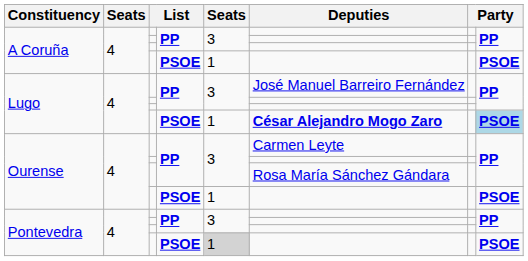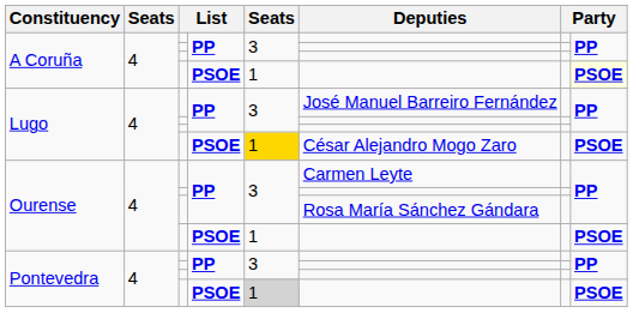 <table class="wikitable sortable">
 <tr>
 <th>Constituency</th>
 <th>Seats</th>
 <th colspan="2">List</th>
 <th>Seats</th>
 <th>Deputies</th>
 <th colspan="2">Party</th>
 </tr>
 <tr>
 <td rowspan="4"><a href='#'>A Coruña</a></td>
 <td rowspan="4">4</td>
 <td></td>
 <td rowspan="3"><strong><a href='#'>PP</a></strong></td>
 <td rowspan="3">3</td>
 <td></td>
 <td></td>
 <td rowspan="3"><strong><a href='#'>PP</a></strong></td>
 </tr>
 <tr>
 <td></td>
 <td></td>
 <td></td>
 </tr>
 <tr>
 <td></td>
 <td></td>
 <td></td>
 </tr>
 <tr>
 <td width="1"></td>
 <td><strong><a href='#'>PSOE</a></strong></td>
 <td>1</td>
 <td></td>
 <td width="1"></td>
-<td><strong><a href='#'>PSOE</a></strong></td>
+<td style="background: lightyellow;"><strong><a href='#'>PSOE</a></strong></td>
 </tr>
 <tr>
 <td rowspan="4"><a href='#'>Lugo</a></td>
 <td rowspan="4">4</td>
 <td></td>
 <td rowspan="3"><strong><a href='#'>PP</a></strong></td>
 <td rowspan="3">3</td>
 <td><a href='#'>José Manuel Barreiro Fernández</a></td>
 <td></td>
 <td rowspan="3"><strong><a href='#'>PP</a></strong></td>
 </tr>
 <tr>
 <td></td>
 <td></td>
 <td></td>
 </tr>
 <tr>
 <td></td>
 <td></td>
 <td></td>
 </tr>
 <tr>
 <td width="1"></td>
 <td><strong><a href='#'>PSOE</a></strong></td>
-<td>1</td>
-<td><strong><a href='#'>César Alejandro Mogo Zaro</a></strong></td>
+<td style="background: gold;">1</td>
+<td><a href='#'>César Alejandro Mogo Zaro</a></td>
 <td width="1"></td>
-<td style="background: lightblue;"><strong><a href='#'>PSOE</a></strong></td>
+<td><strong><a href='#'>PSOE</a></strong></td>
 </tr>
 <tr>
 <td rowspan="4"><a href='#'>Ourense</a></td>
 <td rowspan="4">4</td>
 <td></td>
 <td rowspan="3"><strong><a href='#'>PP</a></strong></td>
 <td rowspan="3">3</td>
 <td><a href='#'>Carmen Leyte</a></td>
 <td></td>
 <td rowspan="3"><strong><a href='#'>PP</a></strong></td>
 </tr>
 <tr>
 <td></td>
 <td></td>
 <td></td>
 </tr>
 <tr>
 <td></td>
 <td><a href='#'>Rosa María Sánchez Gándara</a></td>
 <td></td>
 </tr>
 <tr>
 <td width="1"></td>
 <td><strong><a href='#'>PSOE</a></strong></td>
 <td>1</td>
 <td></td>
 <td width="1"></td>
 <td><strong><a href='#'>PSOE</a></strong></td>
 </tr>
 <tr>
 <td rowspan="4"><a href='#'>Pontevedra</a></td>
 <td rowspan="4">4</td>
 <td></td>
 <td rowspan="3"><strong><a href='#'>PP</a></strong></td>
 <td rowspan="3">3</td>
 <td></td>
 <td></td>
 <td rowspan="3"><strong><a href='#'>PP</a></strong></td>
 </tr>
 <tr>
 <td></td>
 <td></td>
 <td></td>
 </tr>
 <tr>
 <td></td>
 <td></td>
 <td></td>
 </tr>
 <tr>
 <td width="1"></td>
 <td><strong><a href='#'>PSOE</a></strong></td>
 <td style="background: lightgrey;">1</td>
 <td></td>
 <td width="1"></td>
 <td><strong><a href='#'>PSOE</a></strong></td>
 </tr>
 </table>
